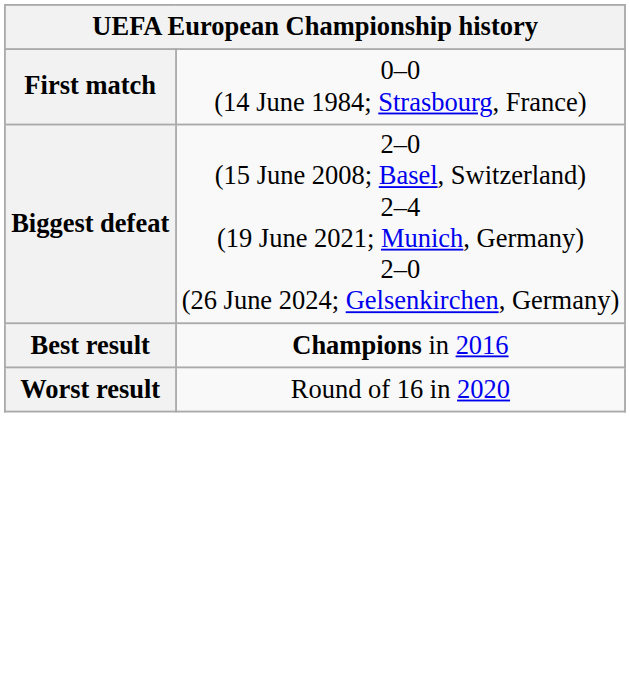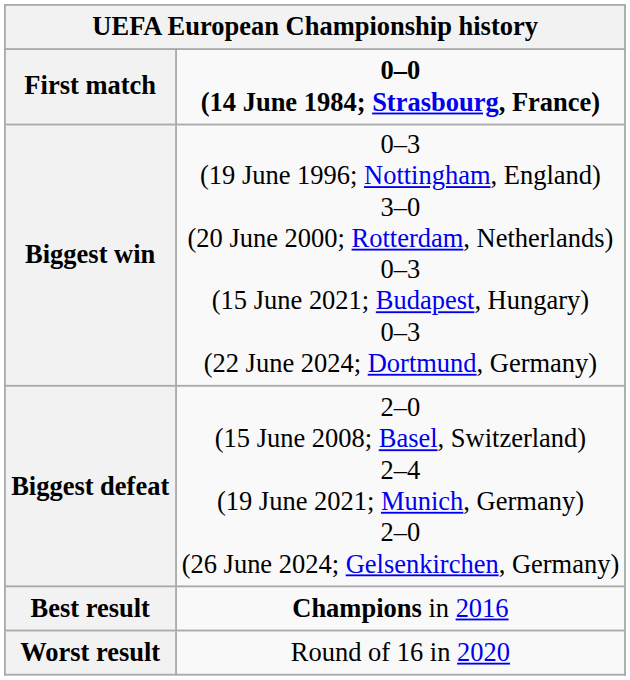 <table class="wikitable collapsible collapsed" style="text-align: center;font-size:90%;">
 <tr>
 <th colspan=2>UEFA European Championship history</th>
 </tr>
 <tr>
 <th>First match</th>
-<td> 0–0 <br>(14 June 1984; <a href='#'>Strasbourg</a>, France)</td>
+<td><strong> 0–0 <br>(14 June 1984; <a href='#'>Strasbourg</a>, France)</strong></td>
+</tr>
+<tr>
+<th>Biggest win</th>
+<td> 0–3 <br>(19 June 1996; <a href='#'>Nottingham</a>, England)<br> 3–0 <br>(20 June 2000; <a href='#'>Rotterdam</a>, Netherlands)<br>  0–3 <br>(15 June 2021; <a href='#'>Budapest</a>, Hungary)<br> 0–3 <br>(22 June 2024; <a href='#'>Dortmund</a>, Germany)</td>
 </tr>
 <tr>
 <th>Biggest defeat</th>
 <td> 2–0 <br>(15 June 2008; <a href='#'>Basel</a>, Switzerland)<br> 2–4 <br>(19 June 2021; <a href='#'>Munich</a>, Germany)<br> 2–0 <br>(26 June 2024; <a href='#'>Gelsenkirchen</a>, Germany)</td>
 </tr>
 <tr>
 <th>Best result</th>
 <td><strong>Champions</strong> in <a href='#'>2016</a></td>
 </tr>
 <tr>
 <th>Worst result</th>
 <td>Round of 16 in <a href='#'>2020</a></td>
 </tr>
 </table>
